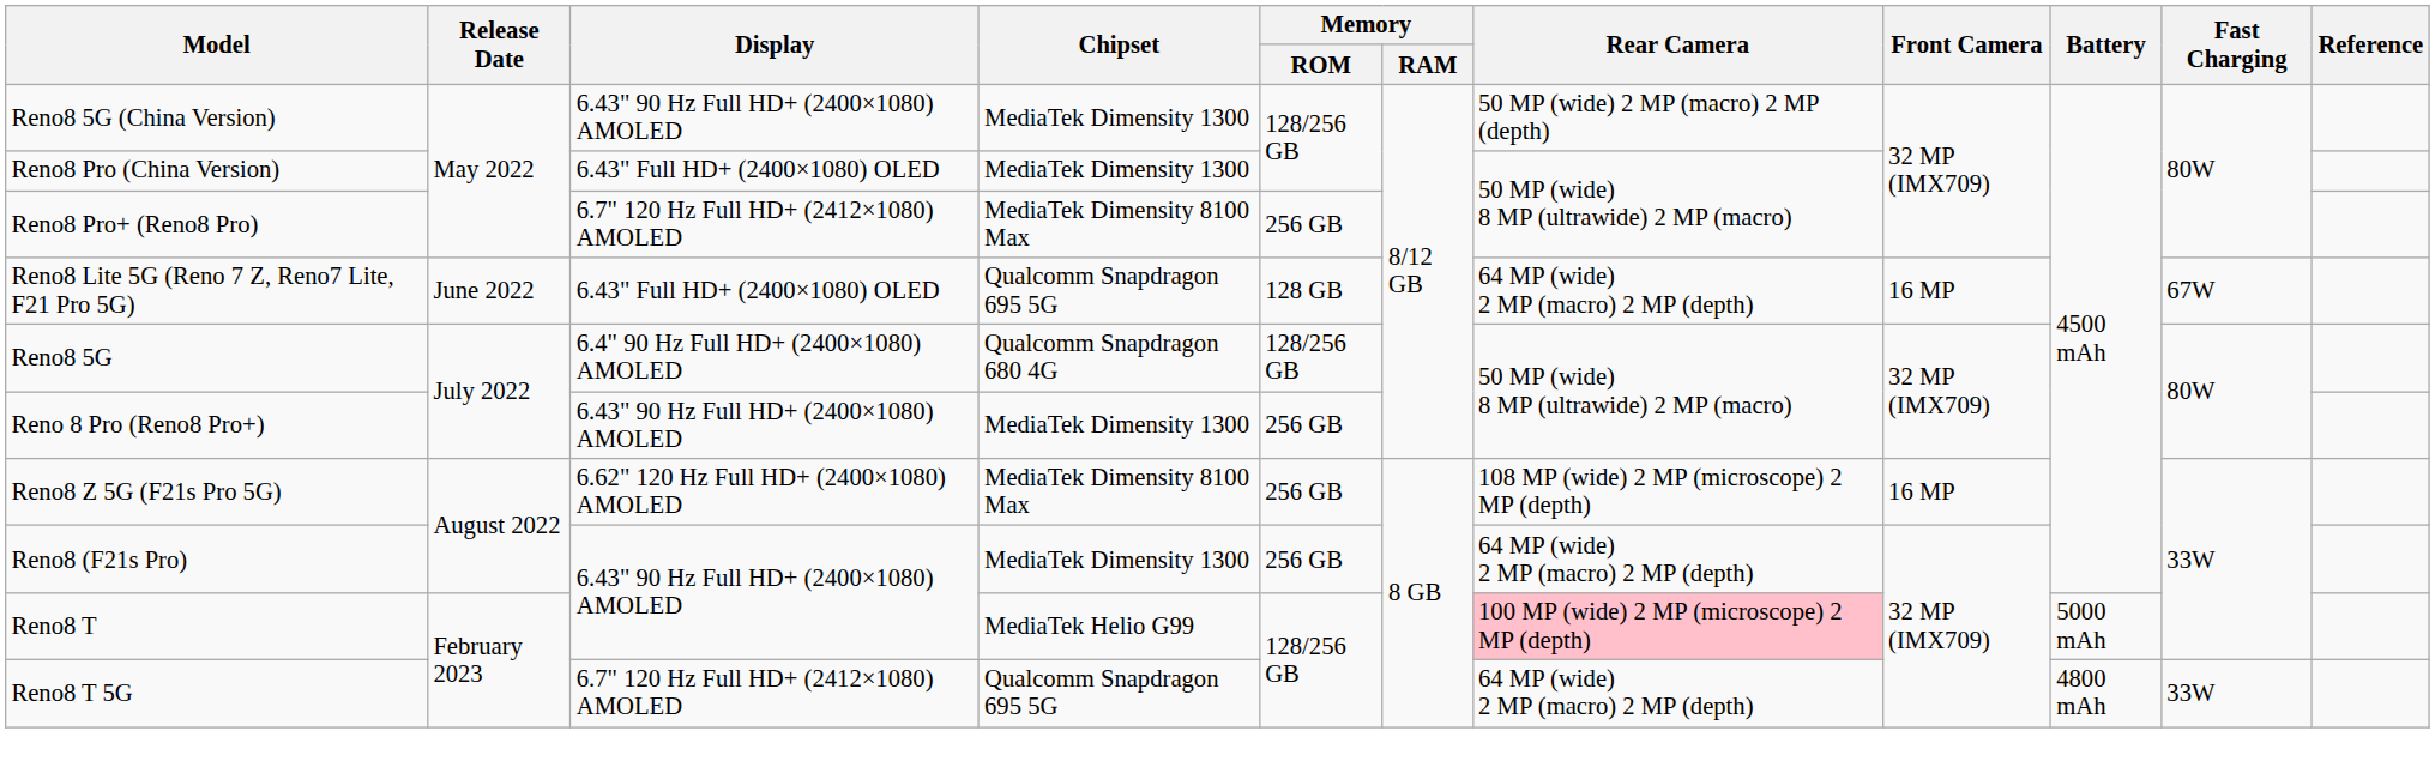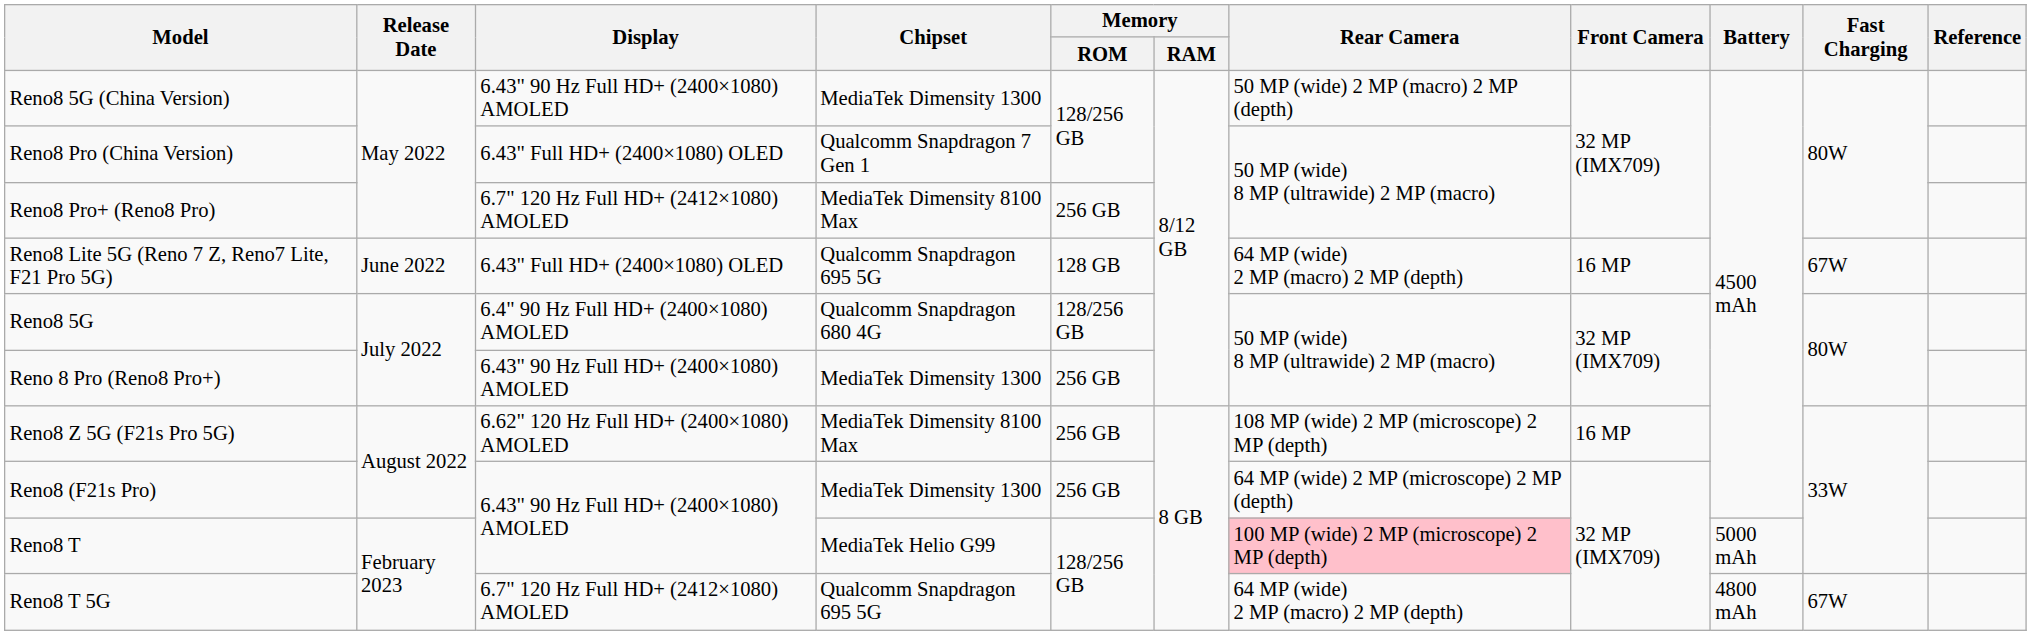 <table class="wikitable sortable">
 <tr>
 <th rowspan="2">Model</th>
 <th rowspan="2">Release Date</th>
 <th rowspan="2">Display</th>
 <th rowspan="2">Chipset</th>
 <th colspan="2">Memory</th>
 <th rowspan="2">Rear Camera</th>
 <th rowspan="2">Front Camera</th>
 <th rowspan="2">Battery</th>
 <th rowspan="2">Fast Charging</th>
 <th rowspan="2">Reference</th>
 </tr>
 <tr>
 <th>ROM</th>
 <th>RAM</th>
 </tr>
 <tr>
 <td>Reno8 5G (China Version)</td>
 <td rowspan="3">May 2022</td>
 <td>6.43" 90 Hz Full HD+ (2400×1080) AMOLED</td>
 <td>MediaTek Dimensity 1300</td>
 <td rowspan="2">128/256 GB</td>
 <td rowspan="6">8/12 GB</td>
 <td>50 MP (wide) 2 MP (macro) 2 MP (depth)</td>
 <td rowspan="3">32 MP (IMX709)</td>
 <td rowspan="8">4500 mAh</td>
 <td rowspan="3">80W</td>
 <td></td>
 </tr>
 <tr>
 <td>Reno8 Pro (China Version)</td>
 <td>6.43" Full HD+ (2400×1080) OLED</td>
-<td>MediaTek Dimensity 1300</td>
+<td>Qualcomm Snapdragon 7 Gen 1</td>
 <td rowspan="2">50 MP (wide)<br>8 MP (ultrawide) 2 MP (macro)</td>
 </tr>
 <tr>
 <td>Reno8 Pro+ (Reno8 Pro)</td>
 <td>6.7" 120 Hz Full HD+ (2412×1080) AMOLED</td>
 <td>MediaTek Dimensity 8100 Max</td>
 <td>256 GB</td>
 <td></td>
 </tr>
 <tr>
 <td>Reno8 Lite 5G (Reno 7 Z, Reno7 Lite, F21 Pro 5G)</td>
 <td>June 2022</td>
 <td>6.43" Full HD+ (2400×1080) OLED</td>
 <td>Qualcomm Snapdragon 695 5G</td>
 <td>128 GB</td>
 <td>64 MP (wide)<br>2 MP (macro) 2 MP (depth)</td>
 <td>16 MP</td>
 <td>67W</td>
 <td></td>
 </tr>
 <tr>
 <td>Reno8 5G</td>
 <td rowspan="2">July 2022</td>
 <td>6.4" 90 Hz Full HD+ (2400×1080) AMOLED</td>
 <td>Qualcomm Snapdragon 680 4G</td>
 <td>128/256 GB</td>
 <td rowspan="2">50 MP (wide)<br>8 MP (ultrawide) 2 MP (macro)</td>
 <td rowspan="2">32 MP (IMX709)</td>
 <td rowspan="2">80W</td>
 <td></td>
 </tr>
 <tr>
 <td>Reno 8 Pro (Reno8 Pro+)</td>
 <td>6.43" 90 Hz Full HD+ (2400×1080) AMOLED</td>
 <td>MediaTek Dimensity 1300</td>
 <td>256 GB</td>
 <td></td>
 </tr>
 <tr>
 <td>Reno8 Z 5G (F21s Pro 5G)</td>
 <td rowspan="2">August 2022</td>
 <td>6.62" 120 Hz Full HD+ (2400×1080) AMOLED</td>
 <td>MediaTek Dimensity 8100 Max</td>
 <td>256 GB</td>
 <td rowspan="4">8 GB</td>
 <td>108 MP (wide) 2 MP (microscope) 2 MP (depth)</td>
 <td>16 MP</td>
 <td rowspan="3">33W</td>
 <td></td>
 </tr>
 <tr>
 <td>Reno8 (F21s Pro)</td>
 <td rowspan="2">6.43" 90 Hz Full HD+ (2400×1080) AMOLED</td>
 <td>MediaTek Dimensity 1300</td>
 <td>256 GB</td>
-<td>64 MP (wide)<br>2 MP (macro) 2 MP (depth)</td>
+<td>64 MP (wide) 2 MP (microscope) 2 MP (depth)</td>
 <td rowspan="3">32 MP (IMX709)</td>
 <td></td>
 </tr>
 <tr>
 <td>Reno8 T</td>
 <td rowspan="2">February 2023</td>
 <td>MediaTek Helio G99</td>
 <td rowspan="2">128/256 GB</td>
 <td style="background: pink;">100 MP (wide) 2 MP (microscope) 2 MP (depth)</td>
 <td>5000 mAh</td>
 <td></td>
 </tr>
 <tr>
 <td>Reno8 T 5G</td>
 <td>6.7" 120 Hz Full HD+ (2412×1080) AMOLED</td>
 <td>Qualcomm Snapdragon 695 5G</td>
 <td>64 MP (wide)<br>2 MP (macro) 2 MP (depth)</td>
 <td>4800 mAh</td>
-<td>33W</td>
+<td>67W</td>
 <td></td>
 </tr>
 </table>
